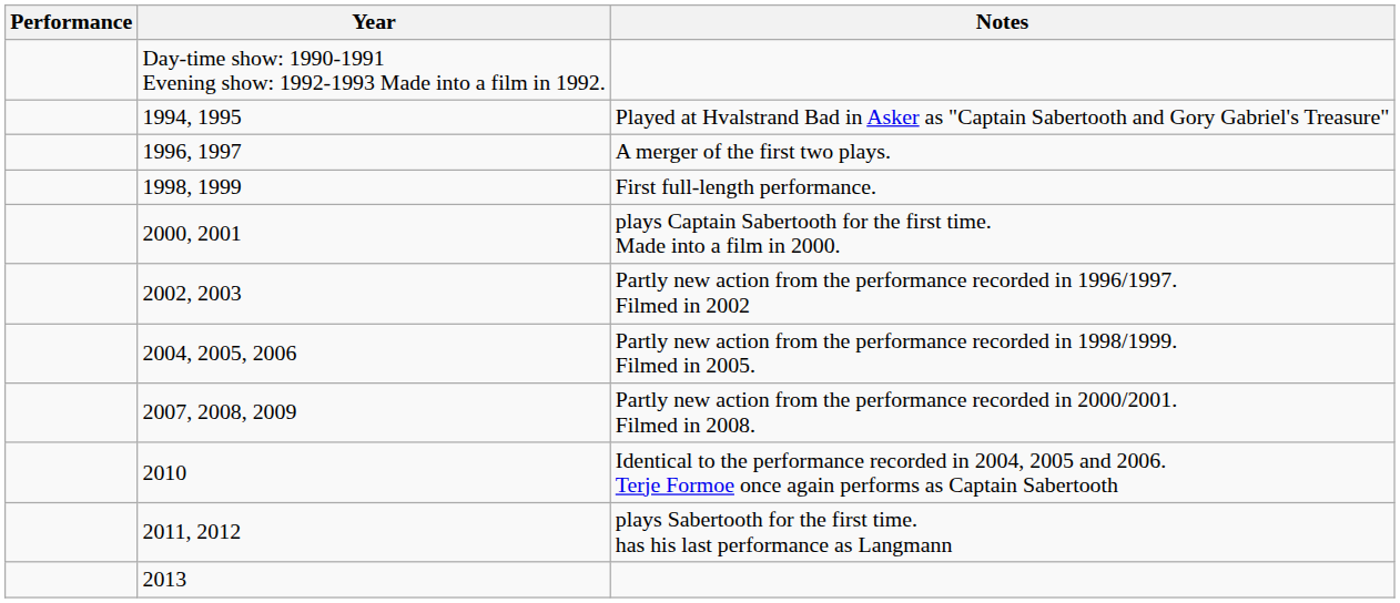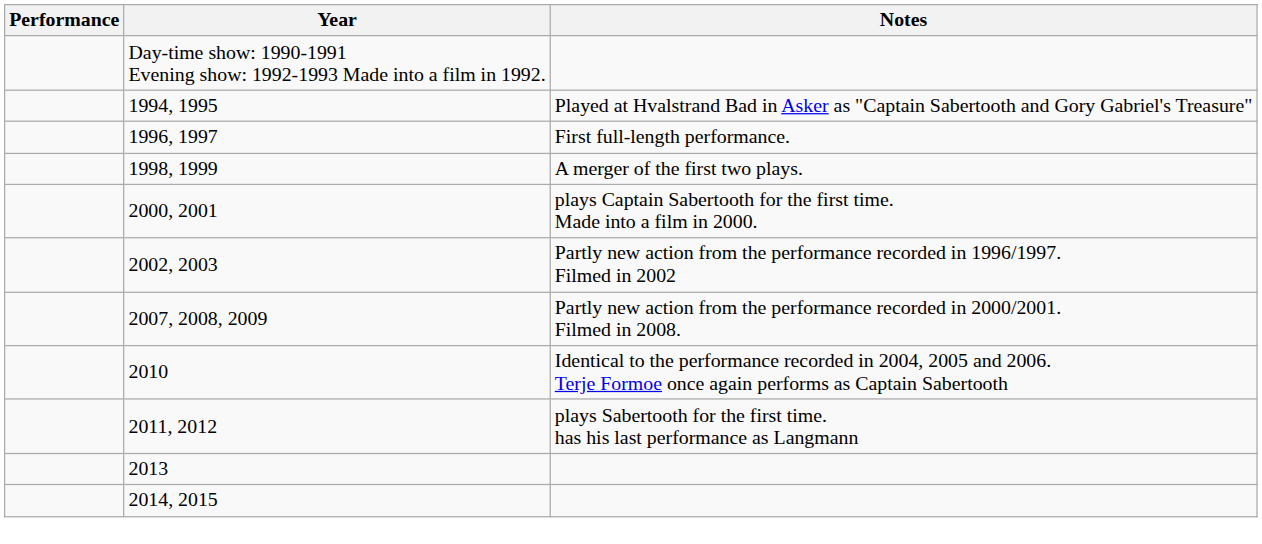 <table class="wikitable">
 <tr>
 <th>Performance</th>
 <th>Year</th>
 <th>Notes</th>
 </tr>
 <tr>
 <td></td>
 <td>Day-time show: 1990-1991<br>Evening show: 1992-1993 Made into a film in 1992.</td>
 <td></td>
 </tr>
 <tr>
 <td></td>
 <td>1994, 1995</td>
 <td>Played at Hvalstrand Bad in <a href='#'>Asker</a> as "Captain Sabertooth and Gory Gabriel's Treasure"</td>
 </tr>
 <tr>
 <td></td>
 <td>1996, 1997</td>
-<td>A merger of the first two plays.</td>
+<td>First full-length performance.</td>
 </tr>
 <tr>
 <td></td>
 <td>1998, 1999</td>
-<td>First full-length performance.</td>
+<td>A merger of the first two plays.</td>
 </tr>
 <tr>
 <td></td>
 <td>2000, 2001</td>
 <td> plays Captain Sabertooth for the first time.<br>Made into a film in 2000.</td>
 </tr>
 <tr>
 <td></td>
 <td>2002, 2003</td>
 <td>Partly new action from the performance recorded in 1996/1997.<br>Filmed in 2002</td>
-</tr>
-<tr>
-<td></td>
-<td>2004, 2005, 2006</td>
-<td>Partly new action from the performance recorded in 1998/1999.<br>Filmed in 2005.</td>
 </tr>
 <tr>
 <td></td>
 <td>2007, 2008, 2009</td>
 <td>Partly new action from the performance recorded in 2000/2001.<br>Filmed in 2008.</td>
 </tr>
 <tr>
 <td></td>
 <td>2010</td>
 <td>Identical to the performance recorded in 2004, 2005 and 2006.<br><a href='#'>Terje Formoe</a> once again performs as Captain Sabertooth</td>
 </tr>
 <tr>
 <td></td>
 <td>2011, 2012</td>
 <td> plays Sabertooth for the first time.<br> has his last performance as Langmann</td>
 </tr>
 <tr>
 <td></td>
 <td>2013</td>
 <td></td>
 </tr>
+<tr>
+<td></td>
+<td>2014, 2015</td>
+<td></td>
+</tr>
 </table>
